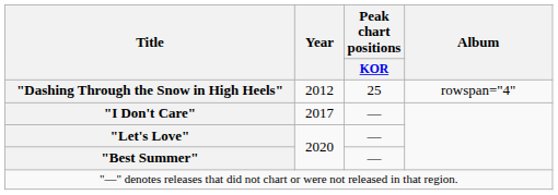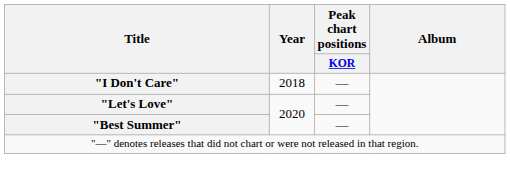 <table class="wikitable plainrowheaders" style="text-align:center;">
 <tr>
 <th scope="col" rowspan="2" style="width:20em;">Title</th>
 <th scope="col" rowspan="2" style="width:3em;">Year</th>
 <th scope="col">Peak chart positions</th>
 <th scope="col" rowspan="2" style="width:10em;">Album</th>
 </tr>
 <tr>
 <th scope="col" style="width:3em;font-size:90%;"><a href='#'>KOR</a><br></th>
 </tr>
 <tr>
-<th scope="row">"Dashing Through the Snow in High Heels"<br></th>
-<td>2012</td>
-<td>25</td>
-<td>rowspan="4" </td>
-</tr>
-<tr>
 <th scope="row">"I Don't Care"<br></th>
-<td>2017</td>
+<td>2018</td>
 <td>—</td>
 </tr>
 <tr>
 <th scope="row">"Let's Love"<br></th>
 <td rowspan="2">2020</td>
 <td>—</td>
 </tr>
 <tr>
 <th scope="row">"Best Summer"<br></th>
 <td>—</td>
 </tr>
 <tr>
 <td colspan="4" style="font-size:85%">"—" denotes releases that did not chart or were not released in that region.</td>
 </tr>
 </table>
